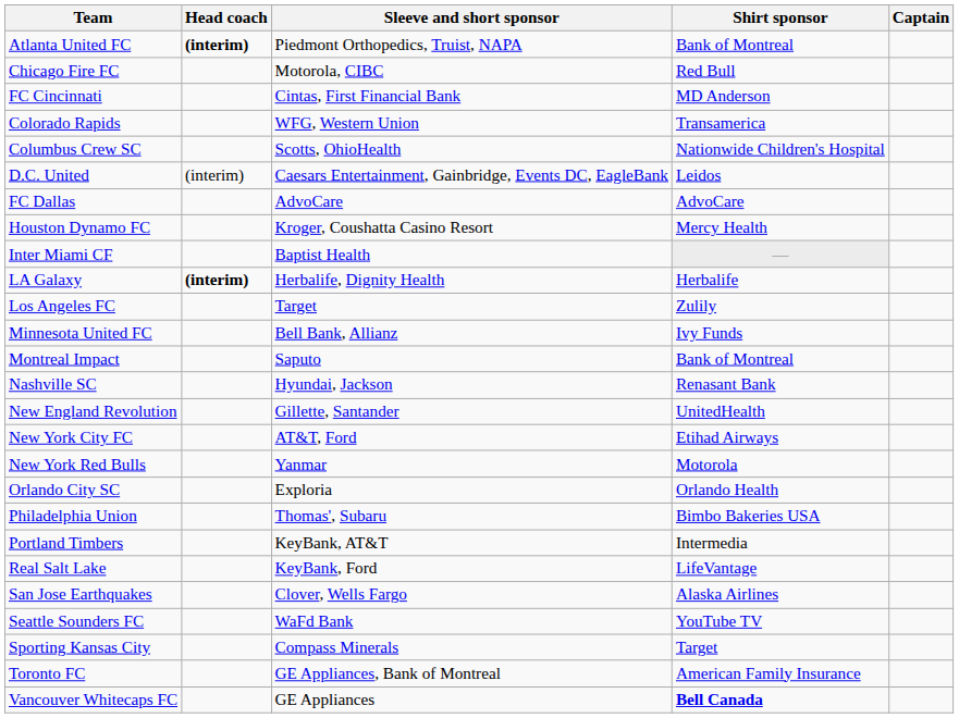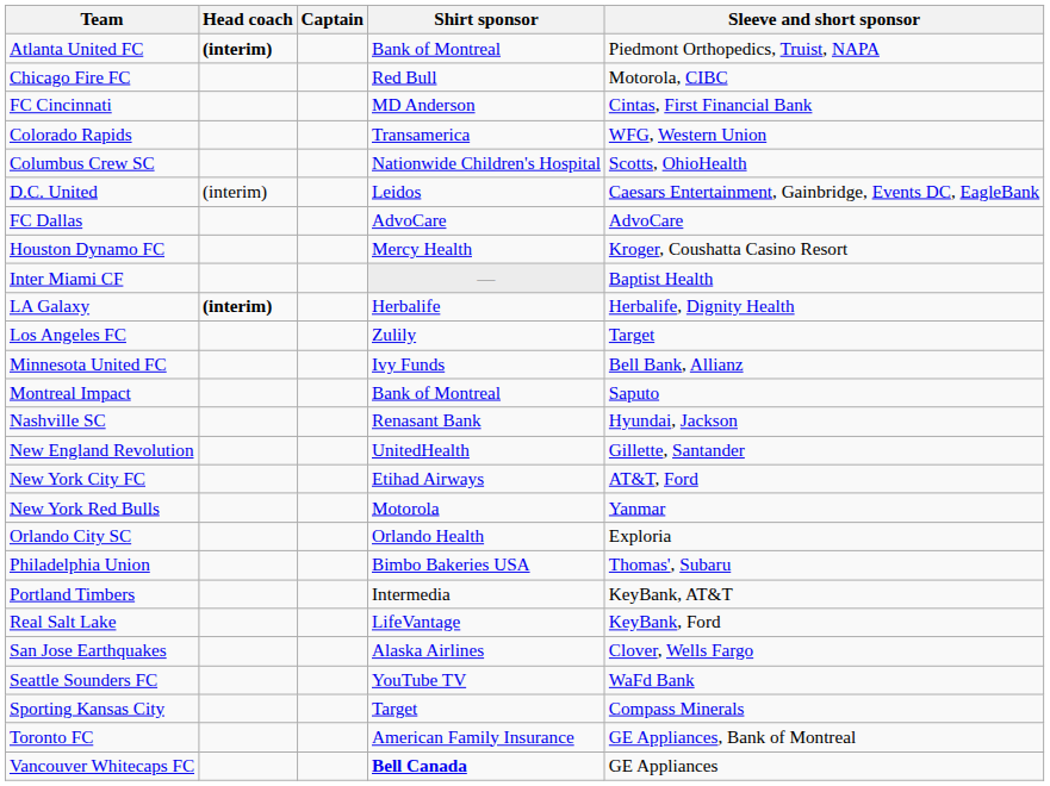 <table class="wikitable sortable" style="text-align: left;">
 <tr>
 <th>Team</th>
 <th>Head coach</th>
+<th>Captain</th>
+<th>Shirt sponsor</th>
 <th>Sleeve and short sponsor</th>
-<th>Shirt sponsor</th>
-<th>Captain</th>
 </tr>
 <tr>
 <td><a href='#'>Atlanta United FC</a></td>
 <td><strong>  (interim)</strong></td>
+<td> </td>
+<td><a href='#'>Bank of Montreal</a></td>
 <td>Piedmont Orthopedics, <a href='#'>Truist</a>, <a href='#'>NAPA</a></td>
-<td><a href='#'>Bank of Montreal</a></td>
-<td> </td>
 </tr>
 <tr>
 <td><a href='#'>Chicago Fire FC</a></td>
 <td> </td>
+<td> </td>
+<td><a href='#'>Red Bull</a></td>
 <td>Motorola, <a href='#'>CIBC</a></td>
-<td><a href='#'>Red Bull</a></td>
-<td> </td>
 </tr>
 <tr>
 <td><a href='#'>FC Cincinnati</a></td>
 <td> </td>
+<td> </td>
+<td><a href='#'>MD Anderson</a></td>
 <td><a href='#'>Cintas</a>, <a href='#'>First Financial Bank</a></td>
-<td><a href='#'>MD Anderson</a></td>
-<td> </td>
 </tr>
 <tr>
 <td><a href='#'>Colorado Rapids</a></td>
 <td> </td>
+<td> </td>
+<td><a href='#'>Transamerica</a></td>
 <td><a href='#'>WFG</a>, <a href='#'>Western Union</a></td>
-<td><a href='#'>Transamerica</a></td>
-<td> </td>
 </tr>
 <tr>
 <td><a href='#'>Columbus Crew SC</a></td>
 <td> </td>
+<td> </td>
+<td><a href='#'>Nationwide Children's Hospital</a></td>
 <td><a href='#'>Scotts</a>, <a href='#'>OhioHealth</a></td>
-<td><a href='#'>Nationwide Children's Hospital</a></td>
-<td> </td>
 </tr>
 <tr>
 <td><a href='#'>D.C. United</a></td>
 <td>  (interim)</td>
+<td> </td>
+<td><a href='#'>Leidos</a></td>
 <td><a href='#'>Caesars Entertainment</a>, Gainbridge, <a href='#'>Events DC</a>, <a href='#'>EagleBank</a></td>
-<td><a href='#'>Leidos</a></td>
-<td> </td>
 </tr>
 <tr>
 <td><a href='#'>FC Dallas</a></td>
 <td> </td>
+<td> </td>
 <td><a href='#'>AdvoCare</a></td>
 <td><a href='#'>AdvoCare</a></td>
-<td> </td>
 </tr>
 <tr>
 <td><a href='#'>Houston Dynamo FC</a></td>
 <td> </td>
+<td> </td>
+<td><a href='#'>Mercy Health</a></td>
 <td><a href='#'>Kroger</a>, Coushatta Casino Resort</td>
-<td><a href='#'>Mercy Health</a></td>
-<td> </td>
 </tr>
 <tr>
 <td><a href='#'>Inter Miami CF</a></td>
 <td> </td>
+<td> </td>
+<td align="center" style="background:#ececec; color:gray">—</td>
 <td><a href='#'>Baptist Health</a></td>
-<td align="center" style="background:#ececec; color:gray">—</td>
-<td> </td>
 </tr>
 <tr>
 <td><a href='#'>LA Galaxy</a></td>
 <td><strong>  (interim)</strong></td>
+<td> </td>
+<td><a href='#'>Herbalife</a></td>
 <td><a href='#'>Herbalife</a>, <a href='#'>Dignity Health</a></td>
-<td><a href='#'>Herbalife</a></td>
-<td> </td>
 </tr>
 <tr>
 <td><a href='#'>Los Angeles FC</a></td>
 <td> </td>
+<td> </td>
+<td><a href='#'>Zulily</a></td>
 <td><a href='#'>Target</a></td>
-<td><a href='#'>Zulily</a></td>
-<td> </td>
 </tr>
 <tr>
 <td><a href='#'>Minnesota United FC</a></td>
 <td> </td>
+<td> </td>
+<td><a href='#'>Ivy Funds</a></td>
 <td><a href='#'>Bell Bank</a>, <a href='#'>Allianz</a></td>
-<td><a href='#'>Ivy Funds</a></td>
-<td> </td>
 </tr>
 <tr>
 <td><a href='#'>Montreal Impact</a></td>
 <td> </td>
+<td> </td>
+<td><a href='#'>Bank of Montreal</a></td>
 <td><a href='#'>Saputo</a></td>
-<td><a href='#'>Bank of Montreal</a></td>
-<td> </td>
 </tr>
 <tr>
 <td><a href='#'>Nashville SC</a></td>
 <td> </td>
+<td> </td>
+<td><a href='#'>Renasant Bank</a></td>
 <td><a href='#'>Hyundai</a>, <a href='#'>Jackson</a></td>
-<td><a href='#'>Renasant Bank</a></td>
-<td> </td>
 </tr>
 <tr>
 <td><a href='#'>New England Revolution</a></td>
 <td> </td>
+<td> </td>
+<td><a href='#'>UnitedHealth</a></td>
 <td><a href='#'>Gillette</a>, <a href='#'>Santander</a></td>
-<td><a href='#'>UnitedHealth</a></td>
-<td> </td>
 </tr>
 <tr>
 <td><a href='#'>New York City FC</a></td>
 <td> </td>
+<td> </td>
+<td><a href='#'>Etihad Airways</a></td>
 <td><a href='#'>AT&T</a>, <a href='#'>Ford</a></td>
-<td><a href='#'>Etihad Airways</a></td>
-<td> </td>
 </tr>
 <tr>
 <td><a href='#'>New York Red Bulls</a></td>
 <td> </td>
+<td> </td>
+<td><a href='#'>Motorola</a></td>
 <td><a href='#'>Yanmar</a></td>
-<td><a href='#'>Motorola</a></td>
-<td> </td>
 </tr>
 <tr>
 <td><a href='#'>Orlando City SC</a></td>
 <td> </td>
+<td> </td>
+<td><a href='#'>Orlando Health</a></td>
 <td>Exploria</td>
-<td><a href='#'>Orlando Health</a></td>
-<td> </td>
 </tr>
 <tr>
 <td><a href='#'>Philadelphia Union</a></td>
 <td> </td>
+<td> </td>
+<td><a href='#'>Bimbo Bakeries USA</a></td>
 <td><a href='#'>Thomas'</a>, <a href='#'>Subaru</a></td>
-<td><a href='#'>Bimbo Bakeries USA</a></td>
-<td> </td>
 </tr>
 <tr>
 <td><a href='#'>Portland Timbers</a></td>
 <td> </td>
+<td> </td>
+<td>Intermedia</td>
 <td>KeyBank, AT&T</td>
-<td>Intermedia</td>
-<td> </td>
 </tr>
 <tr>
 <td><a href='#'>Real Salt Lake</a></td>
 <td> </td>
+<td> </td>
+<td><a href='#'>LifeVantage</a></td>
 <td><a href='#'>KeyBank</a>, Ford</td>
-<td><a href='#'>LifeVantage</a></td>
-<td> </td>
 </tr>
 <tr>
 <td><a href='#'>San Jose Earthquakes</a></td>
 <td> </td>
+<td> </td>
+<td><a href='#'>Alaska Airlines</a></td>
 <td><a href='#'>Clover</a>, <a href='#'>Wells Fargo</a></td>
-<td><a href='#'>Alaska Airlines</a></td>
-<td> </td>
 </tr>
 <tr>
 <td><a href='#'>Seattle Sounders FC</a></td>
 <td> </td>
+<td> </td>
+<td><a href='#'>YouTube TV</a></td>
 <td><a href='#'>WaFd Bank</a></td>
-<td><a href='#'>YouTube TV</a></td>
-<td> </td>
 </tr>
 <tr>
 <td><a href='#'>Sporting Kansas City</a></td>
 <td> </td>
+<td> </td>
+<td><a href='#'>Target</a></td>
 <td><a href='#'>Compass Minerals</a></td>
-<td><a href='#'>Target</a></td>
-<td> </td>
 </tr>
 <tr>
 <td><a href='#'>Toronto FC</a></td>
 <td> </td>
+<td> </td>
+<td><a href='#'>American Family Insurance</a></td>
 <td><a href='#'>GE Appliances</a>, Bank of Montreal</td>
-<td><a href='#'>American Family Insurance</a></td>
-<td> </td>
 </tr>
 <tr>
 <td><a href='#'>Vancouver Whitecaps FC</a></td>
 <td> </td>
+<td> </td>
+<td><strong><a href='#'>Bell Canada</a></strong></td>
 <td>GE Appliances</td>
-<td><strong><a href='#'>Bell Canada</a></strong></td>
-<td> </td>
 </tr>
 </table>
